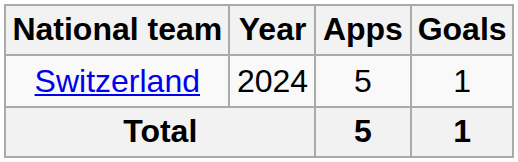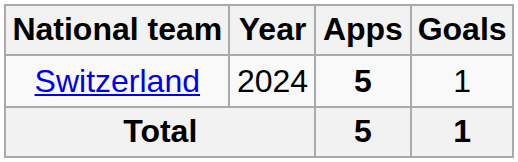 <table class="wikitable" style="text-align:center">
 <tr>
 <th>National team</th>
 <th>Year</th>
 <th>Apps</th>
 <th>Goals</th>
 </tr>
 <tr>
 <td rowspan="1"><a href='#'>Switzerland</a></td>
 <td>2024</td>
-<td>5</td>
+<td><strong>5</strong></td>
 <td>1</td>
 </tr>
 <tr>
 <th colspan="2">Total</th>
 <th>5</th>
 <th>1</th>
 </tr>
 </table>
